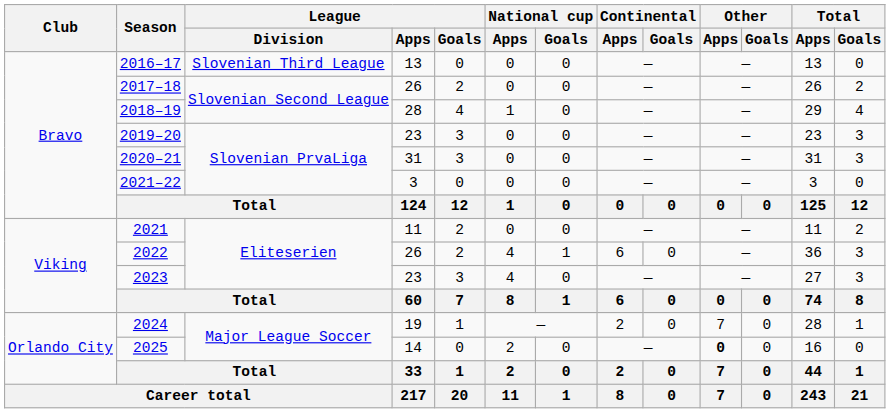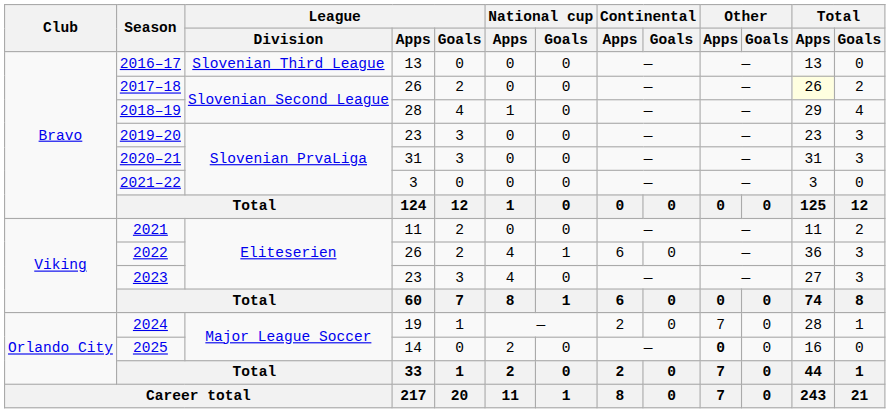 <table class="wikitable" style="text-align: center;">
 <tr>
 <th rowspan="2">Club</th>
 <th rowspan="2">Season</th>
 <th colspan="3">League</th>
 <th colspan="2">National cup</th>
 <th colspan="2">Continental</th>
 <th colspan="2">Other</th>
 <th colspan="2">Total</th>
 </tr>
 <tr>
 <th>Division</th>
 <th>Apps</th>
 <th>Goals</th>
 <th>Apps</th>
 <th>Goals</th>
 <th>Apps</th>
 <th>Goals</th>
 <th>Apps</th>
 <th>Goals</th>
 <th>Apps</th>
 <th>Goals</th>
 </tr>
 <tr>
 <td rowspan="7"><a href='#'>Bravo</a></td>
 <td><a href='#'>2016–17</a></td>
 <td><a href='#'>Slovenian Third League</a></td>
 <td>13</td>
 <td>0</td>
 <td>0</td>
 <td>0</td>
 <td colspan="2">—</td>
 <td colspan="2">—</td>
 <td>13</td>
 <td>0</td>
 </tr>
 <tr>
 <td><a href='#'>2017–18</a></td>
 <td rowspan="2"><a href='#'>Slovenian Second League</a></td>
 <td>26</td>
 <td>2</td>
 <td>0</td>
 <td>0</td>
 <td colspan=2>—</td>
 <td colspan="2">—</td>
-<td>26</td>
+<td style="background: lightyellow;">26</td>
 <td>2</td>
 </tr>
 <tr>
 <td><a href='#'>2018–19</a></td>
 <td>28</td>
 <td>4</td>
 <td>1</td>
 <td>0</td>
 <td colspan=2>—</td>
 <td colspan="2">—</td>
 <td>29</td>
 <td>4</td>
 </tr>
 <tr>
 <td><a href='#'>2019–20</a></td>
 <td rowspan="3"><a href='#'>Slovenian PrvaLiga</a></td>
 <td>23</td>
 <td>3</td>
 <td>0</td>
 <td>0</td>
 <td colspan=2>—</td>
 <td colspan="2">—</td>
 <td>23</td>
 <td>3</td>
 </tr>
 <tr>
 <td><a href='#'>2020–21</a></td>
 <td>31</td>
 <td>3</td>
 <td>0</td>
 <td>0</td>
 <td colspan=2>—</td>
 <td colspan="2">—</td>
 <td>31</td>
 <td>3</td>
 </tr>
 <tr>
 <td><a href='#'>2021–22</a></td>
 <td>3</td>
 <td>0</td>
 <td>0</td>
 <td>0</td>
 <td colspan=2>—</td>
 <td colspan="2">—</td>
 <td>3</td>
 <td>0</td>
 </tr>
 <tr>
 <th colspan="2">Total</th>
 <th>124</th>
 <th>12</th>
 <th>1</th>
 <th>0</th>
 <th>0</th>
 <th>0</th>
 <th>0</th>
 <th>0</th>
 <th>125</th>
 <th>12</th>
 </tr>
 <tr>
 <td rowspan="4"><a href='#'>Viking</a></td>
 <td><a href='#'>2021</a></td>
 <td rowspan="3"><a href='#'>Eliteserien</a></td>
 <td>11</td>
 <td>2</td>
 <td>0</td>
 <td>0</td>
 <td colspan="2">—</td>
 <td colspan="2">—</td>
 <td>11</td>
 <td>2</td>
 </tr>
 <tr>
 <td><a href='#'>2022</a></td>
 <td>26</td>
 <td>2</td>
 <td>4</td>
 <td>1</td>
 <td>6</td>
 <td>0</td>
 <td colspan="2">—</td>
 <td>36</td>
 <td>3</td>
 </tr>
 <tr>
 <td><a href='#'>2023</a></td>
 <td>23</td>
 <td>3</td>
 <td>4</td>
 <td>0</td>
 <td colspan="2">—</td>
 <td colspan="2">—</td>
 <td>27</td>
 <td>3</td>
 </tr>
 <tr>
 <th colspan="2">Total</th>
 <th>60</th>
 <th>7</th>
 <th>8</th>
 <th>1</th>
 <th>6</th>
 <th>0</th>
 <th>0</th>
 <th>0</th>
 <th>74</th>
 <th>8</th>
 </tr>
 <tr>
 <td rowspan="3"><a href='#'>Orlando City</a></td>
 <td><a href='#'>2024</a></td>
 <td rowspan="2"><a href='#'>Major League Soccer</a></td>
 <td>19</td>
 <td>1</td>
 <td colspan="2">—</td>
 <td>2</td>
 <td>0</td>
 <td>7</td>
 <td>0</td>
 <td>28</td>
 <td>1</td>
 </tr>
 <tr>
 <td><a href='#'>2025</a></td>
 <td>14</td>
 <td>0</td>
 <td>2</td>
 <td>0</td>
 <td colspan="2">—</td>
 <td><strong>0</strong></td>
 <td>0</td>
 <td>16</td>
 <td>0</td>
 </tr>
 <tr>
 <th colspan="2">Total</th>
 <th>33</th>
 <th>1</th>
 <th>2</th>
 <th>0</th>
 <th>2</th>
 <th>0</th>
 <th>7</th>
 <th>0</th>
 <th>44</th>
 <th>1</th>
 </tr>
 <tr>
 <th colspan="3">Career total</th>
 <th>217</th>
 <th>20</th>
 <th>11</th>
 <th>1</th>
 <th>8</th>
 <th>0</th>
 <th>7</th>
 <th>0</th>
 <th>243</th>
 <th>21</th>
 </tr>
 </table>
